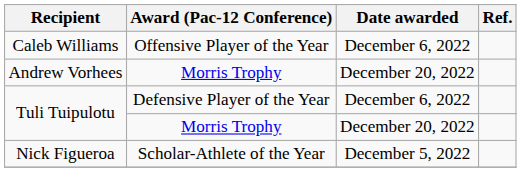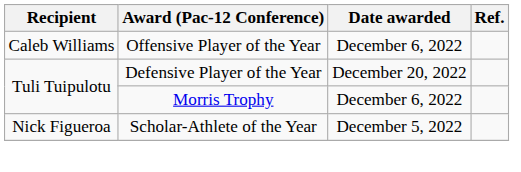 <table class="wikitable sortable" style="text-align:center">
 <tr>
 <th>Recipient</th>
 <th>Award (Pac-12 Conference)</th>
 <th>Date awarded</th>
 <th>Ref.</th>
 </tr>
 <tr>
 <td>Caleb Williams</td>
 <td>Offensive Player of the Year</td>
 <td>December 6, 2022</td>
 <td></td>
 </tr>
 <tr>
-<td>Andrew Vorhees</td>
-<td><a href='#'>Morris Trophy</a></td>
+<td rowspan="2">Tuli Tuipulotu</td>
+<td>Defensive Player of the Year</td>
 <td>December 20, 2022</td>
 <td></td>
 </tr>
 <tr>
-<td rowspan="2">Tuli Tuipulotu</td>
-<td>Defensive Player of the Year</td>
+<td><a href='#'>Morris Trophy</a></td>
 <td>December 6, 2022</td>
-<td></td>
-</tr>
-<tr>
-<td><a href='#'>Morris Trophy</a></td>
-<td>December 20, 2022</td>
 <td></td>
 </tr>
 <tr>
 <td>Nick Figueroa</td>
 <td>Scholar-Athlete of the Year</td>
 <td>December 5, 2022</td>
 <td></td>
 </tr>
 <tr>
 </tr>
 </table>
